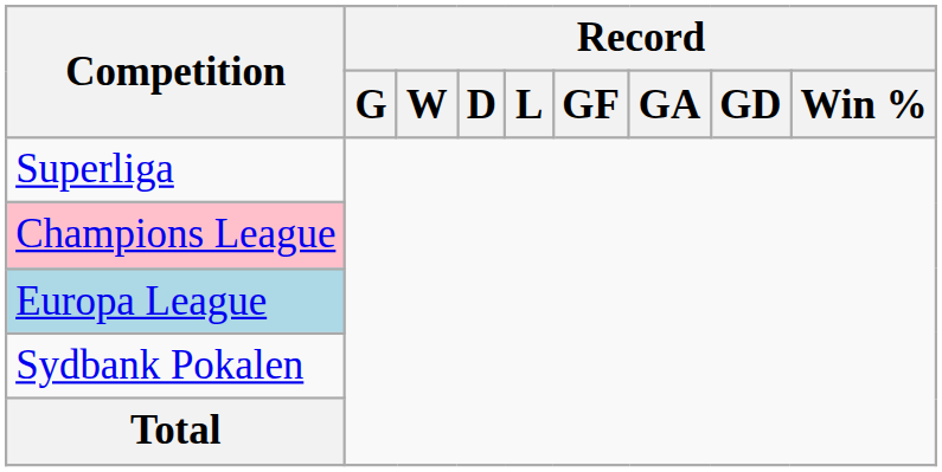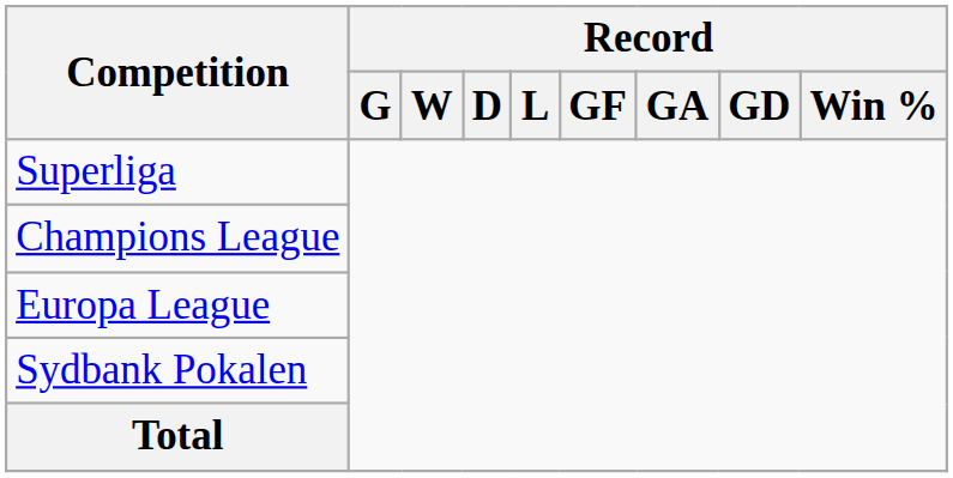 <table class="wikitable" style="text-align: center">
 <tr>
 <th rowspan="2">Competition</th>
 <th colspan="9">Record</th>
 </tr>
 <tr>
 <th>G</th>
 <th>W</th>
 <th>D</th>
 <th>L</th>
 <th>GF</th>
 <th>GA</th>
 <th>GD</th>
 <th>Win %</th>
 </tr>
 <tr>
 <td style="text-align: left"><a href='#'>Superliga</a><br></td>
 </tr>
 <tr>
-<td style="background: pink; text-align: left"><a href='#'>Champions League</a><br></td>
+<td style="text-align: left"><a href='#'>Champions League</a><br></td>
 </tr>
 <tr>
-<td style="background: lightblue; text-align: left"><a href='#'>Europa League</a><br></td>
+<td style="text-align: left"><a href='#'>Europa League</a><br></td>
 </tr>
 <tr>
 <td style="text-align: left"><a href='#'>Sydbank Pokalen</a><br></td>
 </tr>
 <tr>
 <th>Total<br></th>
 </tr>
 </table>
